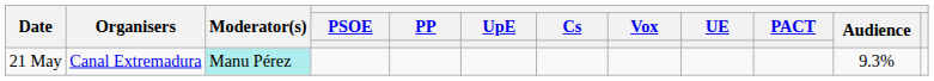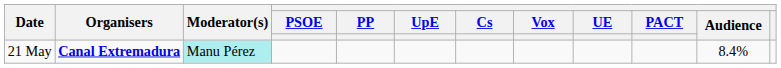 <table class="wikitable" style="text-align:center;">
 <tr>
 <th rowspan="3">Date</th>
 <th rowspan="3">Organisers</th>
 <th rowspan="3">Moderator(s)</th>
 <th colspan="11">  </th>
 </tr>
 <tr>
 <th scope="col" style="width:5em;"><a href='#'>PSOE</a></th>
 <th scope="col" style="width:5em;"><a href='#'>PP</a></th>
 <th scope="col" style="width:5em;"><a href='#'>UpE</a></th>
 <th scope="col" style="width:5em;"><a href='#'>Cs</a></th>
 <th scope="col" style="width:5em;"><a href='#'>Vox</a></th>
 <th scope="col" style="width:5em;"><a href='#'>UE</a></th>
 <th scope="col" style="width:5em;"><a href='#'>PACT</a></th>
 <th rowspan="2" scope="col" style="width:5em;">Audience</th>
 <th rowspan="2"></th>
 </tr>
 <tr>
 <th style="color:inherit;background:"></th>
 <th style="color:inherit;background:"></th>
 <th style="color:inherit;background:"></th>
 <th style="color:inherit;background:"></th>
 <th style="color:inherit;background:"></th>
 <th style="color:inherit;background:"></th>
 <th style="color:inherit;background:"></th>
 </tr>
 <tr>
 <td style="white-space:nowrap; text-align:left;">21 May</td>
-<td style="white-space:nowrap; text-align:left;"><a href='#'>Canal Extremadura</a></td>
+<td style="white-space:nowrap; text-align:left;"><strong><a href='#'>Canal Extremadura</a></strong></td>
 <td style="background: paleturquoise; white-space:nowrap; text-align:left;">Manu Pérez</td>
 <td></td>
 <td></td>
 <td></td>
 <td></td>
 <td></td>
 <td></td>
 <td></td>
-<td>9.3%<br></td>
+<td>8.4%<br></td>
 <td></td>
 </tr>
 </table>
